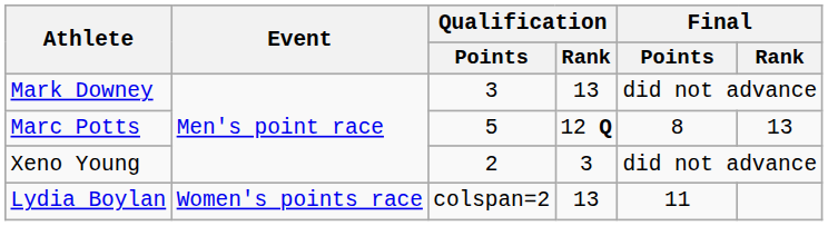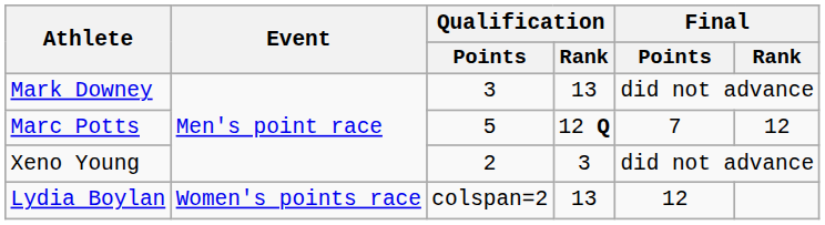 <table class="wikitable" style="font-size:90%;">
 <tr>
 <th rowspan=2>Athlete</th>
 <th rowspan=2>Event</th>
 <th colspan=2>Qualification</th>
 <th colspan=2>Final</th>
 </tr>
 <tr style="font-size:95%">
 <th>Points</th>
 <th>Rank</th>
 <th>Points</th>
 <th>Rank</th>
 </tr>
 <tr align=center>
 <td align=left><a href='#'>Mark Downey</a></td>
 <td align=left rowspan=3><a href='#'>Men's point race</a></td>
 <td>3</td>
 <td>13</td>
 <td colspan=2>did not advance</td>
 </tr>
 <tr align=center>
 <td align=left><a href='#'>Marc Potts</a></td>
 <td>5</td>
 <td>12 <strong>Q</strong></td>
-<td>8</td>
-<td>13</td>
+<td>7</td>
+<td>12</td>
 </tr>
 <tr align=center>
 <td align=left>Xeno Young</td>
 <td>2</td>
 <td>3</td>
 <td colspan=2>did not advance</td>
 </tr>
 <tr align=center>
 <td align=left><a href='#'>Lydia Boylan</a></td>
 <td align=left><a href='#'>Women's points race</a></td>
 <td>colspan=2 </td>
 <td>13</td>
-<td>11</td>
+<td>12</td>
 </tr>
 </table>
